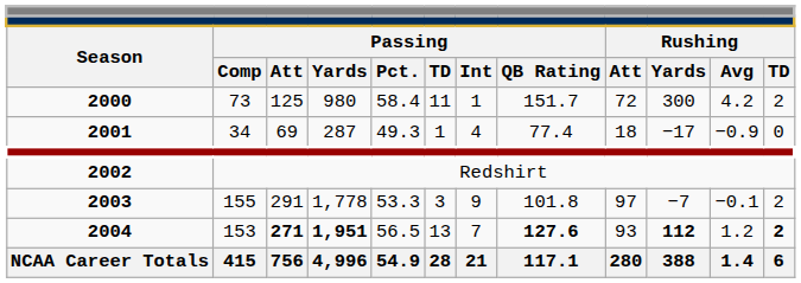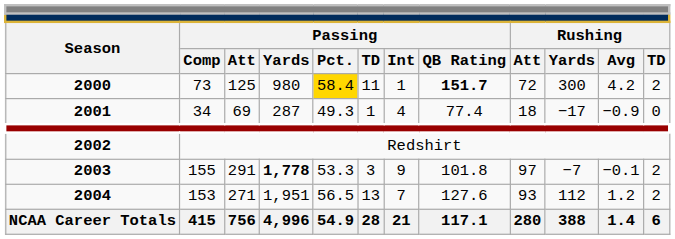 <table class=wikitable style="text-align:center;">
 <tr>
 <td ! colspan="12" style="background:gray; border:2px solid silver; color:white;"></td>
 </tr>
 <tr>
 <td ! colspan="12" style="background: #002b5b; border: 2px solid #dcb439; color:#dcb439;"></td>
 </tr>
 <tr>
 <th rowspan=2>Season</th>
 <th colspan=7>Passing</th>
 <th colspan=4>Rushing</th>
 </tr>
 <tr>
 <th>Comp</th>
 <th>Att</th>
 <th>Yards</th>
 <th>Pct.</th>
 <th>TD</th>
 <th>Int</th>
 <th>QB Rating</th>
 <th>Att</th>
 <th>Yards</th>
 <th>Avg</th>
 <th>TD</th>
 </tr>
 <tr>
 <td><strong>2000</strong></td>
 <td>73</td>
 <td>125</td>
 <td>980</td>
-<td>58.4</td>
+<td style="background: gold;">58.4</td>
 <td>11</td>
 <td>1</td>
-<td>151.7</td>
+<td><strong>151.7</strong></td>
 <td>72</td>
 <td>300</td>
 <td>4.2</td>
 <td>2</td>
 </tr>
 <tr>
 <td><strong>2001</strong></td>
 <td>34</td>
 <td>69</td>
 <td>287</td>
 <td>49.3</td>
 <td>1</td>
 <td>4</td>
 <td>77.4</td>
 <td>18</td>
 <td>−17</td>
 <td>−0.9</td>
 <td>0</td>
 </tr>
 <tr>
 <td ! colspan="12" style="background: #990000; border: 2px solid #FFFFFF; color:#FFFFFF;"></td>
 </tr>
 <tr>
 <td><strong>2002</strong></td>
 <td colspan=11 style="text-align:center;">Redshirt</td>
 </tr>
 <tr>
 <td><strong>2003</strong></td>
 <td>155</td>
 <td>291</td>
-<td>1,778</td>
+<td><strong>1,778</strong></td>
 <td>53.3</td>
 <td>3</td>
 <td>9</td>
 <td>101.8</td>
 <td>97</td>
 <td>−7</td>
 <td>−0.1</td>
 <td>2</td>
 </tr>
 <tr>
 <td><strong>2004</strong></td>
 <td>153</td>
-<td><strong>271</strong></td>
-<td><strong>1,951</strong></td>
+<td>271</td>
+<td>1,951</td>
 <td>56.5</td>
 <td>13</td>
 <td>7</td>
-<td><strong>127.6</strong></td>
+<td>127.6</td>
 <td>93</td>
-<td><strong>112</strong></td>
+<td>112</td>
 <td>1.2</td>
-<td><strong>2</strong></td>
+<td>2</td>
 </tr>
 <tr>
 <th>NCAA Career Totals</th>
 <th>415</th>
 <th>756</th>
 <th>4,996</th>
 <th>54.9</th>
 <th>28</th>
 <th>21</th>
 <th>117.1</th>
 <th>280</th>
 <th>388</th>
 <th>1.4</th>
 <th>6</th>
 </tr>
 </table>
